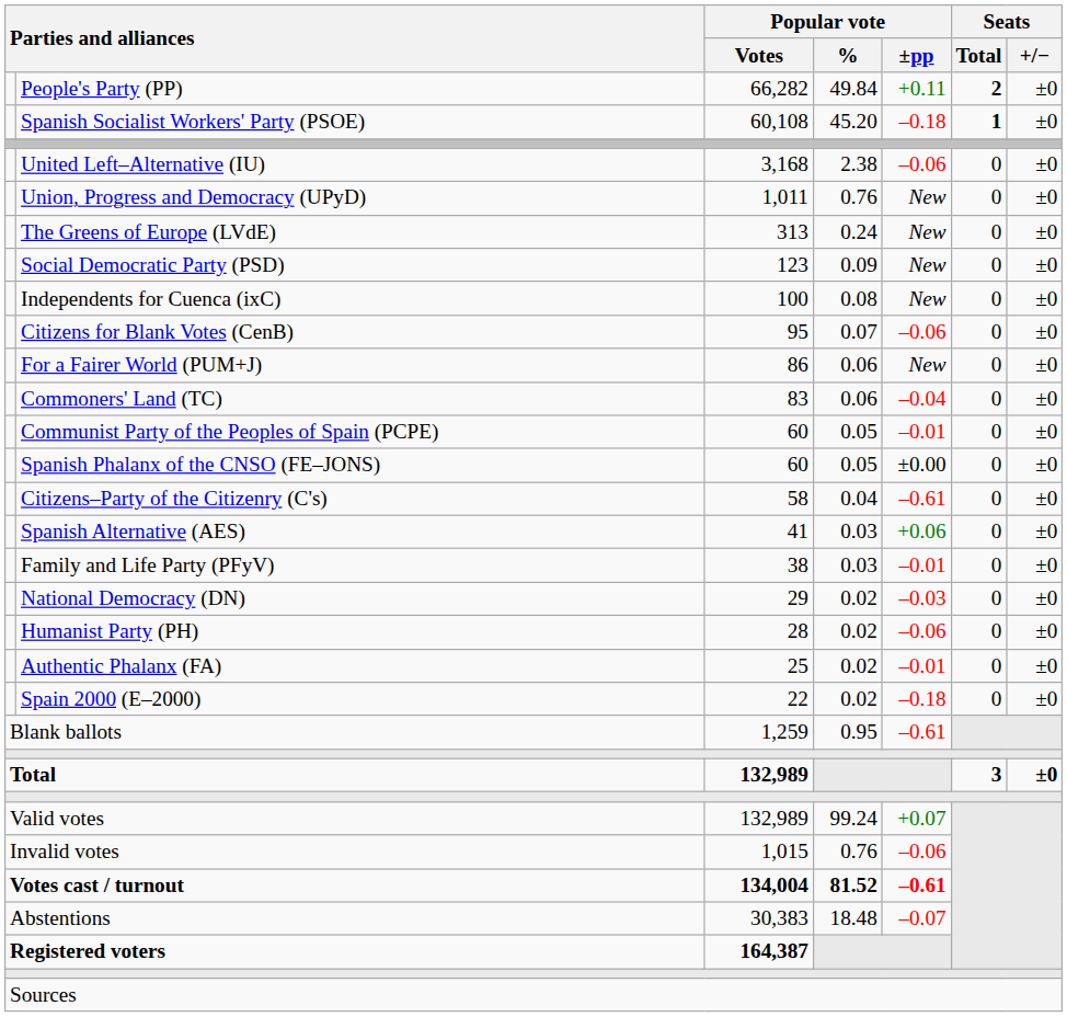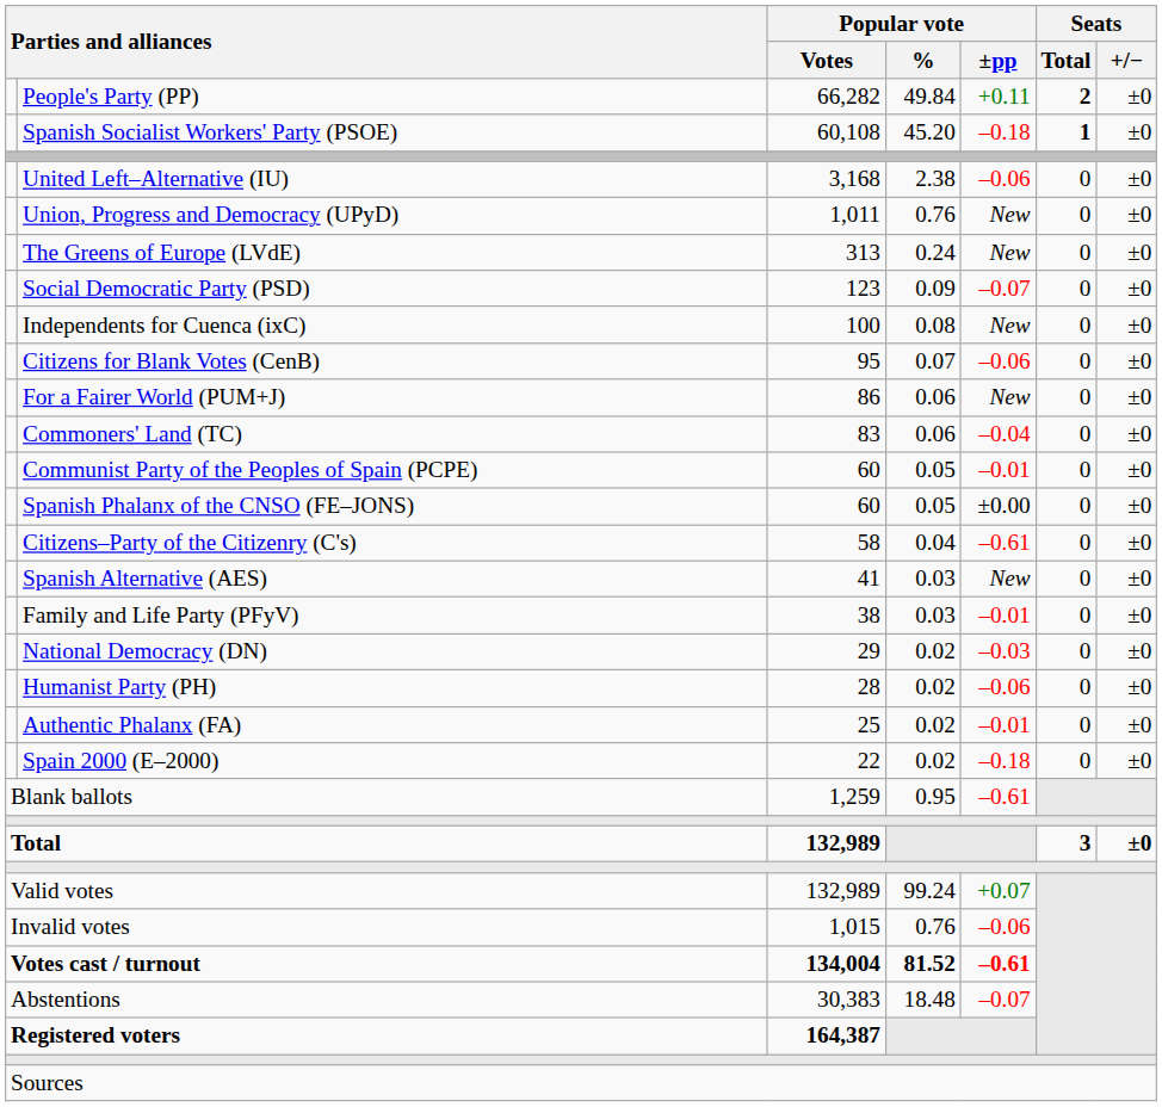 <table class="wikitable" style="text-align:right;">
 <tr>
 <th style="text-align:left;" rowspan="2" colspan="2" width="525">Parties and alliances</th>
 <th colspan="3">Popular vote</th>
 <th colspan="2">Seats</th>
 </tr>
 <tr>
 <th width="75">Votes</th>
 <th width="45">%</th>
 <th width="45">±<a href='#'>pp</a></th>
 <th width="35">Total</th>
 <th width="35">+/−</th>
 </tr>
 <tr>
 <td width="1" style="color:inherit;background:"></td>
 <td align="left"><a href='#'>People's Party</a> (PP)</td>
 <td>66,282</td>
 <td>49.84</td>
 <td style="color:green;">+0.11</td>
 <td><strong>2</strong></td>
 <td>±0</td>
 </tr>
 <tr>
 <td style="color:inherit;background:"></td>
 <td align="left"><a href='#'>Spanish Socialist Workers' Party</a> (PSOE)</td>
 <td>60,108</td>
 <td>45.20</td>
 <td style="color:red;">–0.18</td>
 <td><strong>1</strong></td>
 <td>±0</td>
 </tr>
 <tr>
 <td colspan="7" bgcolor="#C0C0C0"></td>
 </tr>
 <tr>
 <td style="color:inherit;background:"></td>
 <td align="left"><a href='#'>United Left–Alternative</a> (IU)</td>
 <td>3,168</td>
 <td>2.38</td>
 <td style="color:red;">–0.06</td>
 <td>0</td>
 <td>±0</td>
 </tr>
 <tr>
 <td style="color:inherit;background:"></td>
 <td align="left"><a href='#'>Union, Progress and Democracy</a> (UPyD)</td>
 <td>1,011</td>
 <td>0.76</td>
 <td><em>New</em></td>
 <td>0</td>
 <td>±0</td>
 </tr>
 <tr>
 <td style="color:inherit;background:"></td>
 <td align="left"><a href='#'>The Greens of Europe</a> (LVdE)</td>
 <td>313</td>
 <td>0.24</td>
 <td><em>New</em></td>
 <td>0</td>
 <td>±0</td>
 </tr>
 <tr>
 <td style="color:inherit;background:"></td>
 <td align="left"><a href='#'>Social Democratic Party</a> (PSD)</td>
 <td>123</td>
 <td>0.09</td>
-<td><em>New</em></td>
+<td style="color:red;">–0.07</td>
 <td>0</td>
 <td>±0</td>
 </tr>
 <tr>
 <td style="color:inherit;background:"></td>
 <td align="left">Independents for Cuenca (ixC)</td>
 <td>100</td>
 <td>0.08</td>
 <td><em>New</em></td>
 <td>0</td>
 <td>±0</td>
 </tr>
 <tr>
 <td style="color:inherit;background:"></td>
 <td align="left"><a href='#'>Citizens for Blank Votes</a> (CenB)</td>
 <td>95</td>
 <td>0.07</td>
 <td style="color:red;">–0.06</td>
 <td>0</td>
 <td>±0</td>
 </tr>
 <tr>
 <td style="color:inherit;background:"></td>
 <td align="left"><a href='#'>For a Fairer World</a> (PUM+J)</td>
 <td>86</td>
 <td>0.06</td>
 <td><em>New</em></td>
 <td>0</td>
 <td>±0</td>
 </tr>
 <tr>
 <td style="color:inherit;background:"></td>
 <td align="left"><a href='#'>Commoners' Land</a> (TC)</td>
 <td>83</td>
 <td>0.06</td>
 <td style="color:red;">–0.04</td>
 <td>0</td>
 <td>±0</td>
 </tr>
 <tr>
 <td style="color:inherit;background:"></td>
 <td align="left"><a href='#'>Communist Party of the Peoples of Spain</a> (PCPE)</td>
 <td>60</td>
 <td>0.05</td>
 <td style="color:red;">–0.01</td>
 <td>0</td>
 <td>±0</td>
 </tr>
 <tr>
 <td style="color:inherit;background:"></td>
 <td align="left"><a href='#'>Spanish Phalanx of the CNSO</a> (FE–JONS)</td>
 <td>60</td>
 <td>0.05</td>
 <td>±0.00</td>
 <td>0</td>
 <td>±0</td>
 </tr>
 <tr>
 <td style="color:inherit;background:"></td>
 <td align="left"><a href='#'>Citizens–Party of the Citizenry</a> (C's)</td>
 <td>58</td>
 <td>0.04</td>
 <td style="color:red;">–0.61</td>
 <td>0</td>
 <td>±0</td>
 </tr>
 <tr>
 <td style="color:inherit;background:"></td>
 <td align="left"><a href='#'>Spanish Alternative</a> (AES)</td>
 <td>41</td>
 <td>0.03</td>
-<td style="color:green;">+0.06</td>
+<td><em>New</em></td>
 <td>0</td>
 <td>±0</td>
 </tr>
 <tr>
 <td style="color:inherit;background:"></td>
 <td align="left">Family and Life Party (PFyV)</td>
 <td>38</td>
 <td>0.03</td>
 <td style="color:red;">–0.01</td>
 <td>0</td>
 <td>±0</td>
 </tr>
 <tr>
 <td style="color:inherit;background:"></td>
 <td align="left"><a href='#'>National Democracy</a> (DN)</td>
 <td>29</td>
 <td>0.02</td>
 <td style="color:red;">–0.03</td>
 <td>0</td>
 <td>±0</td>
 </tr>
 <tr>
 <td style="color:inherit;background:"></td>
 <td align="left"><a href='#'>Humanist Party</a> (PH)</td>
 <td>28</td>
 <td>0.02</td>
 <td style="color:red;">–0.06</td>
 <td>0</td>
 <td>±0</td>
 </tr>
 <tr>
 <td style="color:inherit;background:"></td>
 <td align="left"><a href='#'>Authentic Phalanx</a> (FA)</td>
 <td>25</td>
 <td>0.02</td>
 <td style="color:red;">–0.01</td>
 <td>0</td>
 <td>±0</td>
 </tr>
 <tr>
 <td style="color:inherit;background:"></td>
 <td align="left"><a href='#'>Spain 2000</a> (E–2000)</td>
 <td>22</td>
 <td>0.02</td>
 <td style="color:red;">–0.18</td>
 <td>0</td>
 <td>±0</td>
 </tr>
 <tr>
 <td align="left" colspan="2">Blank ballots</td>
 <td>1,259</td>
 <td>0.95</td>
 <td style="color:red;">–0.61</td>
 <td bgcolor="#E9E9E9" colspan="2"></td>
 </tr>
 <tr>
 <td colspan="7" bgcolor="#E9E9E9"></td>
 </tr>
 <tr style="font-weight:bold;">
 <td align="left" colspan="2">Total</td>
 <td>132,989</td>
 <td bgcolor="#E9E9E9" colspan="2"></td>
 <td>3</td>
 <td>±0</td>
 </tr>
 <tr>
 <td colspan="7" bgcolor="#E9E9E9"></td>
 </tr>
 <tr>
 <td align="left" colspan="2">Valid votes</td>
 <td>132,989</td>
 <td>99.24</td>
 <td style="color:green;">+0.07</td>
 <td bgcolor="#E9E9E9" colspan="2" rowspan="5"></td>
 </tr>
 <tr>
 <td align="left" colspan="2">Invalid votes</td>
 <td>1,015</td>
 <td>0.76</td>
 <td style="color:red;">–0.06</td>
 </tr>
 <tr style="font-weight:bold;">
 <td align="left" colspan="2">Votes cast / turnout</td>
 <td>134,004</td>
 <td>81.52</td>
 <td style="color:red;">–0.61</td>
 </tr>
 <tr>
 <td align="left" colspan="2">Abstentions</td>
 <td>30,383</td>
 <td>18.48</td>
 <td style="color:red;">–0.07</td>
 </tr>
 <tr style="font-weight:bold;">
 <td align="left" colspan="2">Registered voters</td>
 <td>164,387</td>
 <td bgcolor="#E9E9E9" colspan="2"></td>
 </tr>
 <tr>
 <td colspan="7" bgcolor="#E9E9E9"></td>
 </tr>
 <tr>
 <td align="left" colspan="7">Sources</td>
 </tr>
 </table>
